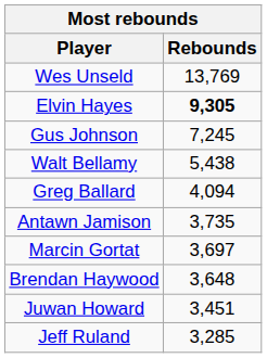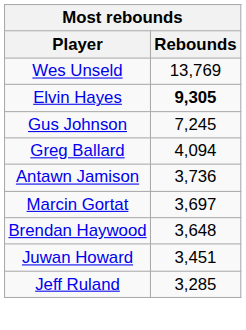 <table class="wikitable sortable" style="text-align:center">
 <tr>
 <th colspan="2" style="text-align:center; ">Most rebounds</th>
 </tr>
 <tr>
 <th style="text-align:center; ">Player</th>
 <th style="text-align:center; ">Rebounds</th>
 </tr>
 <tr>
 <td><a href='#'>Wes Unseld</a></td>
 <td>13,769</td>
 </tr>
 <tr>
 <td><a href='#'>Elvin Hayes</a></td>
 <td><strong>9,305</strong></td>
 </tr>
 <tr>
 <td><a href='#'>Gus Johnson</a></td>
 <td>7,245</td>
 </tr>
 <tr>
-<td><a href='#'>Walt Bellamy</a></td>
-<td>5,438</td>
-</tr>
-<tr>
 <td><a href='#'>Greg Ballard</a></td>
 <td>4,094</td>
 </tr>
 <tr>
 <td><a href='#'>Antawn Jamison</a></td>
-<td>3,735</td>
+<td>3,736</td>
 </tr>
 <tr>
 <td><a href='#'>Marcin Gortat</a></td>
 <td>3,697</td>
 </tr>
 <tr>
 <td><a href='#'>Brendan Haywood</a></td>
 <td>3,648</td>
 </tr>
 <tr>
 <td><a href='#'>Juwan Howard</a></td>
 <td>3,451</td>
 </tr>
 <tr>
 <td><a href='#'>Jeff Ruland</a></td>
 <td>3,285</td>
 </tr>
 </table>
